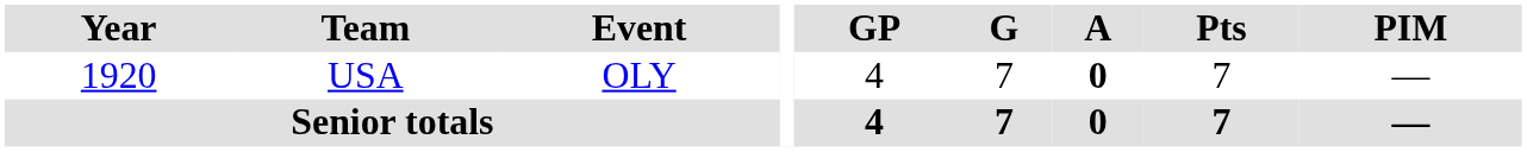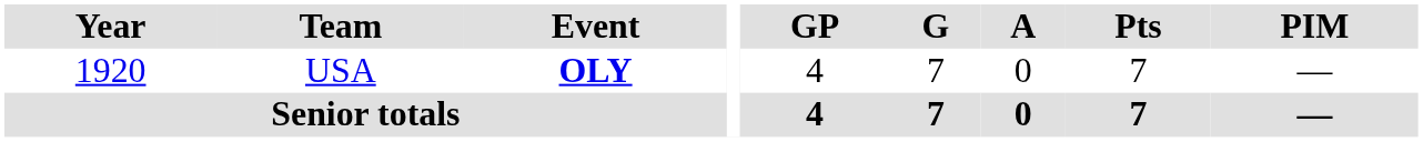 <table border="0" cellpadding="1" cellspacing="0" ID="Table3" style="text-align:center; width:40em">
 <tr bgcolor="#e0e0e0">
 <th>Year</th>
 <th>Team</th>
 <th>Event</th>
 <th rowspan="102" bgcolor="#ffffff"></th>
 <th>GP</th>
 <th>G</th>
 <th>A</th>
 <th>Pts</th>
 <th>PIM</th>
 </tr>
 <tr>
 <td><a href='#'>1920</a></td>
 <td><a href='#'>USA</a></td>
-<td><a href='#'>OLY</a></td>
+<td><strong><a href='#'>OLY</a></strong></td>
 <td>4</td>
 <td>7</td>
-<td><strong>0</strong></td>
+<td>0</td>
 <td>7</td>
 <td>—</td>
 </tr>
 <tr bgcolor="#e0e0e0">
 <th colspan="3">Senior totals</th>
 <th>4</th>
 <th>7</th>
 <th>0</th>
 <th>7</th>
 <th>—</th>
 </tr>
 </table>
